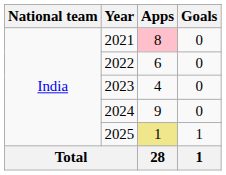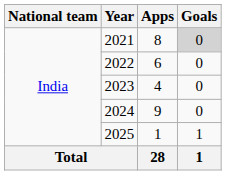 <table class="wikitable" style="text-align: center;">
 <tr>
 <th>National team</th>
 <th>Year</th>
 <th>Apps</th>
 <th>Goals</th>
 </tr>
 <tr>
 <td rowspan="5"><a href='#'>India</a></td>
 <td>2021</td>
-<td style="background: pink;">8</td>
-<td>0</td>
+<td>8</td>
+<td style="background: lightgrey;">0</td>
 </tr>
 <tr>
 <td>2022</td>
 <td>6</td>
 <td>0</td>
 </tr>
 <tr>
 <td>2023</td>
 <td>4</td>
 <td>0</td>
 </tr>
 <tr>
 <td>2024</td>
 <td>9</td>
 <td>0</td>
 </tr>
 <tr>
 <td>2025</td>
-<td style="background: khaki;">1</td>
+<td>1</td>
 <td>1</td>
 </tr>
 <tr>
 <th colspan="2">Total</th>
 <th>28</th>
 <th>1</th>
 </tr>
 </table>
